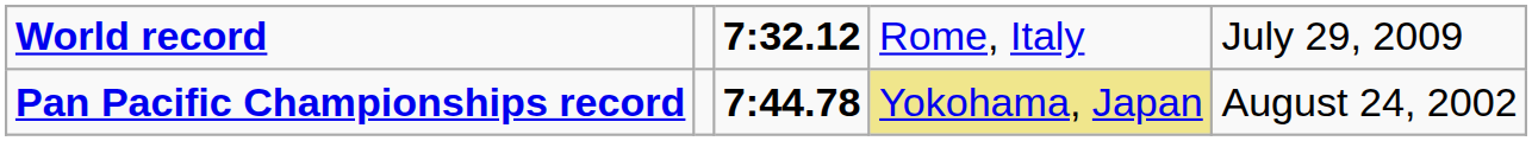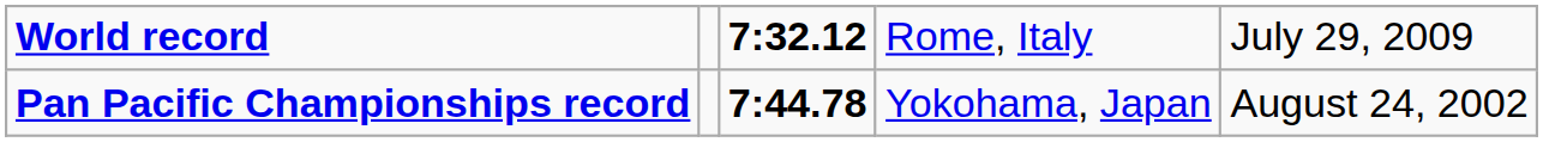 <table class="wikitable">
 <tr>
 <td><strong><a href='#'>World record</a></strong></td>
 <td></td>
 <td><strong>7:32.12</strong></td>
 <td><a href='#'>Rome</a>, <a href='#'>Italy</a></td>
 <td>July 29, 2009</td>
 </tr>
 <tr>
 <td><strong><a href='#'>Pan Pacific Championships record</a></strong></td>
 <td></td>
 <td><strong>7:44.78</strong></td>
-<td style="background: khaki;"><a href='#'>Yokohama</a>, <a href='#'>Japan</a></td>
+<td><a href='#'>Yokohama</a>, <a href='#'>Japan</a></td>
 <td>August 24, 2002</td>
 </tr>
 </table>
